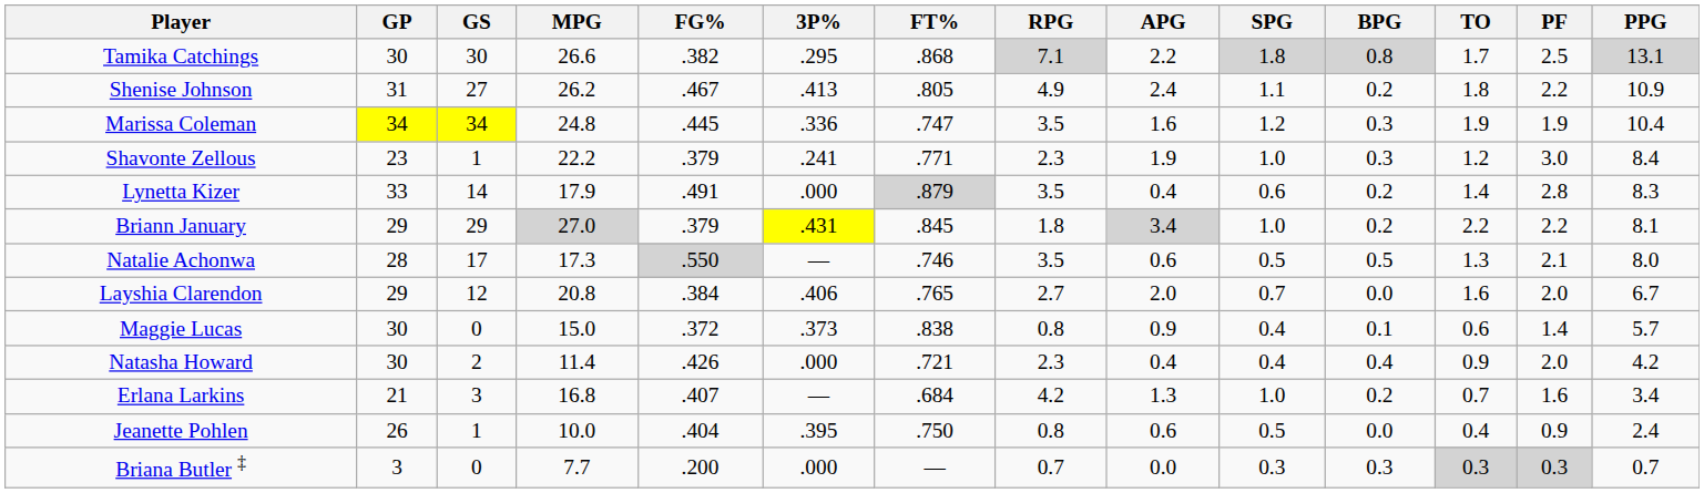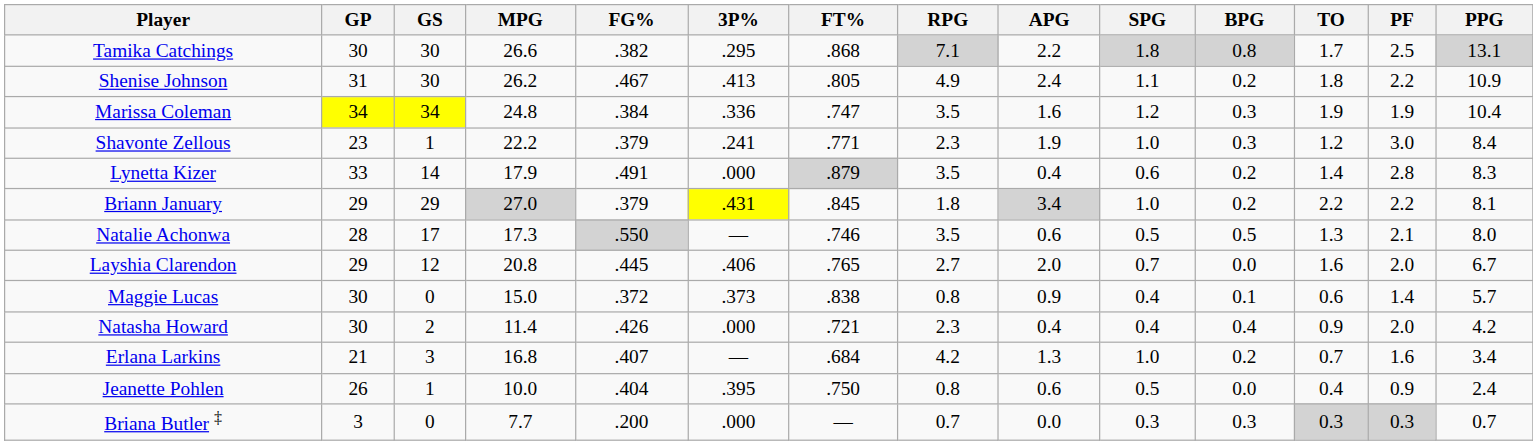 <table class="wikitable sortable" style="text-align: center; width:100%">
 <tr>
 <th>Player</th>
 <th>GP</th>
 <th>GS</th>
 <th>MPG</th>
 <th>FG%</th>
 <th>3P%</th>
 <th>FT%</th>
 <th>RPG</th>
 <th>APG</th>
 <th>SPG</th>
 <th>BPG</th>
 <th>TO</th>
 <th>PF</th>
 <th>PPG</th>
 </tr>
 <tr>
 <td><a href='#'>Tamika Catchings</a></td>
 <td>30</td>
 <td>30</td>
 <td>26.6</td>
 <td>.382</td>
 <td>.295</td>
 <td>.868</td>
 <td bgcolor=#D3D3D3>7.1</td>
 <td>2.2</td>
 <td bgcolor=#D3D3D3>1.8</td>
 <td bgcolor=#D3D3D3>0.8</td>
 <td>1.7</td>
 <td>2.5</td>
 <td bgcolor=#D3D3D3>13.1</td>
 </tr>
 <tr>
 <td><a href='#'>Shenise Johnson</a></td>
 <td>31</td>
-<td>27</td>
+<td>30</td>
 <td>26.2</td>
 <td>.467</td>
 <td>.413</td>
 <td>.805</td>
 <td>4.9</td>
 <td>2.4</td>
 <td>1.1</td>
 <td>0.2</td>
 <td>1.8</td>
 <td>2.2</td>
 <td>10.9</td>
 </tr>
 <tr>
 <td><a href='#'>Marissa Coleman</a></td>
 <td bgcolor=yellow>34</td>
 <td bgcolor=yellow>34</td>
 <td>24.8</td>
-<td>.445</td>
+<td>.384</td>
 <td>.336</td>
 <td>.747</td>
 <td>3.5</td>
 <td>1.6</td>
 <td>1.2</td>
 <td>0.3</td>
 <td>1.9</td>
 <td>1.9</td>
 <td>10.4</td>
 </tr>
 <tr>
 <td><a href='#'>Shavonte Zellous</a></td>
 <td>23</td>
 <td>1</td>
 <td>22.2</td>
 <td>.379</td>
 <td>.241</td>
 <td>.771</td>
 <td>2.3</td>
 <td>1.9</td>
 <td>1.0</td>
 <td>0.3</td>
 <td>1.2</td>
 <td>3.0</td>
 <td>8.4</td>
 </tr>
 <tr>
 <td><a href='#'>Lynetta Kizer</a></td>
 <td>33</td>
 <td>14</td>
 <td>17.9</td>
 <td>.491</td>
 <td>.000</td>
 <td bgcolor=#D3D3D3>.879</td>
 <td>3.5</td>
 <td>0.4</td>
 <td>0.6</td>
 <td>0.2</td>
 <td>1.4</td>
 <td>2.8</td>
 <td>8.3</td>
 </tr>
 <tr>
 <td><a href='#'>Briann January</a></td>
 <td>29</td>
 <td>29</td>
 <td bgcolor=#D3D3D3>27.0</td>
 <td>.379</td>
 <td bgcolor=yellow>.431</td>
 <td>.845</td>
 <td>1.8</td>
 <td bgcolor=#D3D3D3>3.4</td>
 <td>1.0</td>
 <td>0.2</td>
 <td>2.2</td>
 <td>2.2</td>
 <td>8.1</td>
 </tr>
 <tr>
 <td><a href='#'>Natalie Achonwa</a></td>
 <td>28</td>
 <td>17</td>
 <td>17.3</td>
 <td bgcolor=#D3D3D3>.550</td>
 <td>—</td>
 <td>.746</td>
 <td>3.5</td>
 <td>0.6</td>
 <td>0.5</td>
 <td>0.5</td>
 <td>1.3</td>
 <td>2.1</td>
 <td>8.0</td>
 </tr>
 <tr>
 <td><a href='#'>Layshia Clarendon</a></td>
 <td>29</td>
 <td>12</td>
 <td>20.8</td>
-<td>.384</td>
+<td>.445</td>
 <td>.406</td>
 <td>.765</td>
 <td>2.7</td>
 <td>2.0</td>
 <td>0.7</td>
 <td>0.0</td>
 <td>1.6</td>
 <td>2.0</td>
 <td>6.7</td>
 </tr>
 <tr>
 <td><a href='#'>Maggie Lucas</a></td>
 <td>30</td>
 <td>0</td>
 <td>15.0</td>
 <td>.372</td>
 <td>.373</td>
 <td>.838</td>
 <td>0.8</td>
 <td>0.9</td>
 <td>0.4</td>
 <td>0.1</td>
 <td>0.6</td>
 <td>1.4</td>
 <td>5.7</td>
 </tr>
 <tr>
 <td><a href='#'>Natasha Howard</a></td>
 <td>30</td>
 <td>2</td>
 <td>11.4</td>
 <td>.426</td>
 <td>.000</td>
 <td>.721</td>
 <td>2.3</td>
 <td>0.4</td>
 <td>0.4</td>
 <td>0.4</td>
 <td>0.9</td>
 <td>2.0</td>
 <td>4.2</td>
 </tr>
 <tr>
 <td><a href='#'>Erlana Larkins</a></td>
 <td>21</td>
 <td>3</td>
 <td>16.8</td>
 <td>.407</td>
 <td>—</td>
 <td>.684</td>
 <td>4.2</td>
 <td>1.3</td>
 <td>1.0</td>
 <td>0.2</td>
 <td>0.7</td>
 <td>1.6</td>
 <td>3.4</td>
 </tr>
 <tr>
 <td><a href='#'>Jeanette Pohlen</a></td>
 <td>26</td>
 <td>1</td>
 <td>10.0</td>
 <td>.404</td>
 <td>.395</td>
 <td>.750</td>
 <td>0.8</td>
 <td>0.6</td>
 <td>0.5</td>
 <td>0.0</td>
 <td>0.4</td>
 <td>0.9</td>
 <td>2.4</td>
 </tr>
 <tr>
 <td><a href='#'>Briana Butler</a> <sup>‡</sup></td>
 <td>3</td>
 <td>0</td>
 <td>7.7</td>
 <td>.200</td>
 <td>.000</td>
 <td>—</td>
 <td>0.7</td>
 <td>0.0</td>
 <td>0.3</td>
 <td>0.3</td>
 <td bgcolor=#D3D3D3>0.3</td>
 <td bgcolor=#D3D3D3>0.3</td>
 <td>0.7</td>
 </tr>
 </table>
